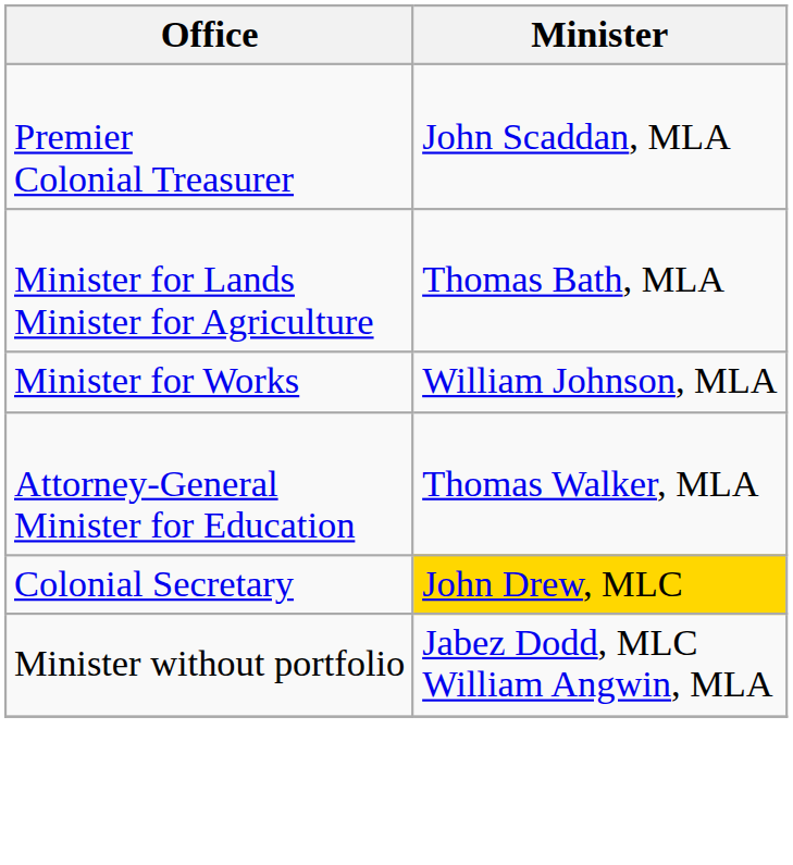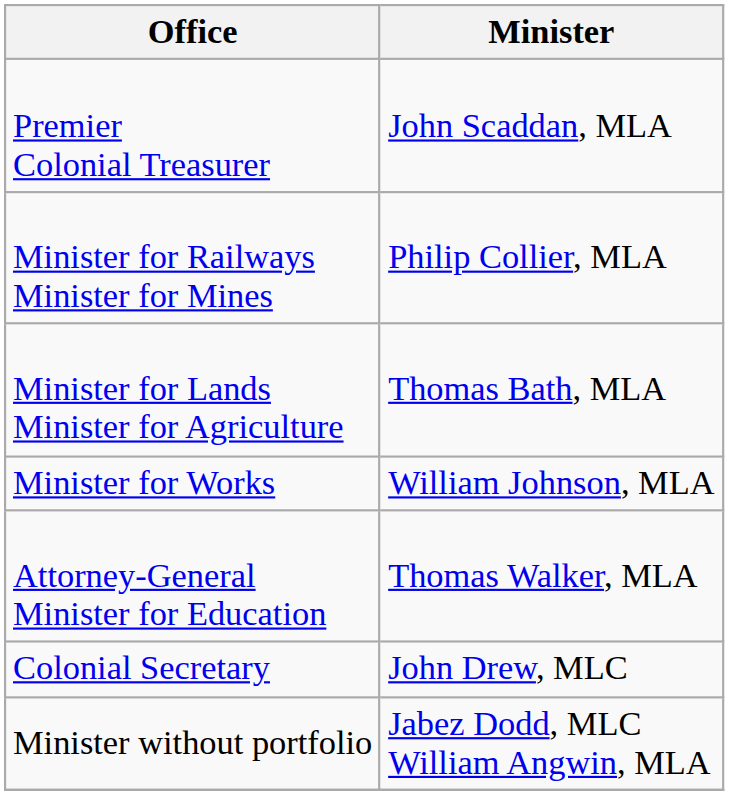 <table class="wikitable">
 <tr>
 <th>Office</th>
 <th>Minister</th>
 </tr>
 <tr>
 <td><br><a href='#'>Premier</a><br> <a href='#'>Colonial Treasurer</a><br></td>
 <td><a href='#'>John Scaddan</a>, MLA</td>
+</tr>
+<tr>
+<td><br><a href='#'>Minister for Railways</a><br> <a href='#'>Minister for Mines</a><br></td>
+<td><a href='#'>Philip Collier</a>, MLA</td>
 </tr>
 <tr>
 <td><br><a href='#'>Minister for Lands</a><br> <a href='#'>Minister for Agriculture</a><br></td>
 <td><a href='#'>Thomas Bath</a>, MLA</td>
 </tr>
 <tr>
 <td><a href='#'>Minister for Works</a></td>
 <td><a href='#'>William Johnson</a>, MLA</td>
 </tr>
 <tr>
 <td><br><a href='#'>Attorney-General</a><br> <a href='#'>Minister for Education</a><br></td>
 <td><a href='#'>Thomas Walker</a>, MLA</td>
 </tr>
 <tr>
 <td><a href='#'>Colonial Secretary</a><br></td>
-<td style="background: gold;"><a href='#'>John Drew</a>, MLC</td>
+<td><a href='#'>John Drew</a>, MLC</td>
 </tr>
 <tr>
 <td>Minister without portfolio</td>
 <td><a href='#'>Jabez Dodd</a>, MLC<br><a href='#'>William Angwin</a>, MLA</td>
 </tr>
 <tr>
 </tr>
 </table>
